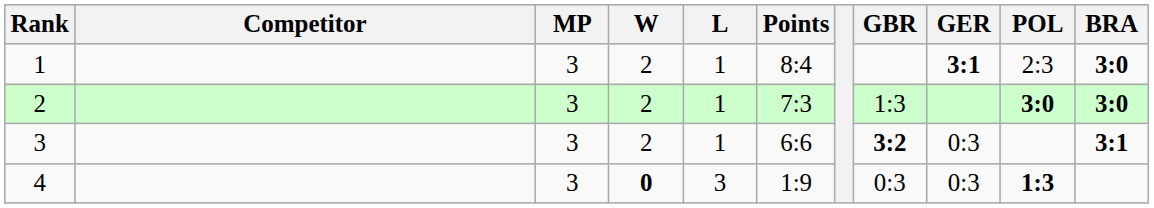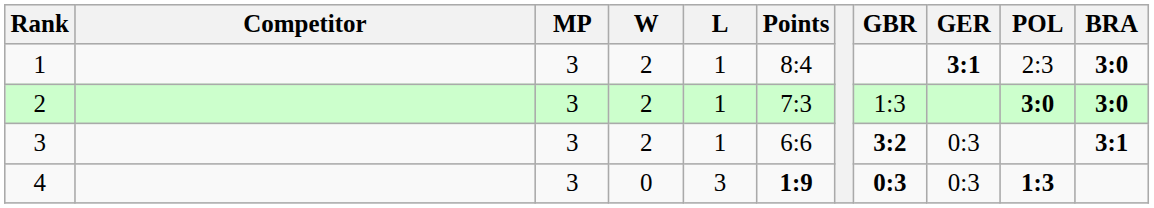 <table class="wikitable" style="text-align:center">
 <tr>
 <th>Rank</th>
 <th style="width:18em">Competitor</th>
 <th style="width:2.5em">MP</th>
 <th style="width:2.5em">W</th>
 <th style="width:2.5em">L</th>
 <th>Points</th>
 <th rowspan="5"> </th>
 <th style="width:2.5em">GBR</th>
 <th style="width:2.5em">GER</th>
 <th style="width:2.5em">POL</th>
 <th style="width:2.5em">BRA</th>
 </tr>
 <tr>
 <td>1</td>
 <td style="text-align:left"></td>
 <td>3</td>
 <td>2</td>
 <td>1</td>
 <td>8:4</td>
 <td></td>
 <td><strong>3:1</strong></td>
 <td>2:3</td>
 <td><strong>3:0</strong></td>
 </tr>
 <tr style="background:#cfc;">
 <td>2</td>
 <td style="text-align:left"></td>
 <td>3</td>
 <td>2</td>
 <td>1</td>
 <td>7:3</td>
 <td>1:3</td>
 <td></td>
 <td><strong>3:0</strong></td>
 <td><strong>3:0</strong></td>
 </tr>
 <tr>
 <td>3</td>
 <td style="text-align:left"></td>
 <td>3</td>
 <td>2</td>
 <td>1</td>
 <td>6:6</td>
 <td><strong>3:2</strong></td>
 <td>0:3</td>
 <td></td>
 <td><strong>3:1</strong></td>
 </tr>
 <tr>
 <td>4</td>
 <td style="text-align:left"></td>
 <td>3</td>
-<td><strong>0</strong></td>
+<td>0</td>
 <td>3</td>
-<td>1:9</td>
-<td>0:3</td>
+<td><strong>1:9</strong></td>
+<td><strong>0:3</strong></td>
 <td>0:3</td>
 <td><strong>1:3</strong></td>
 <td></td>
 </tr>
 </table>
